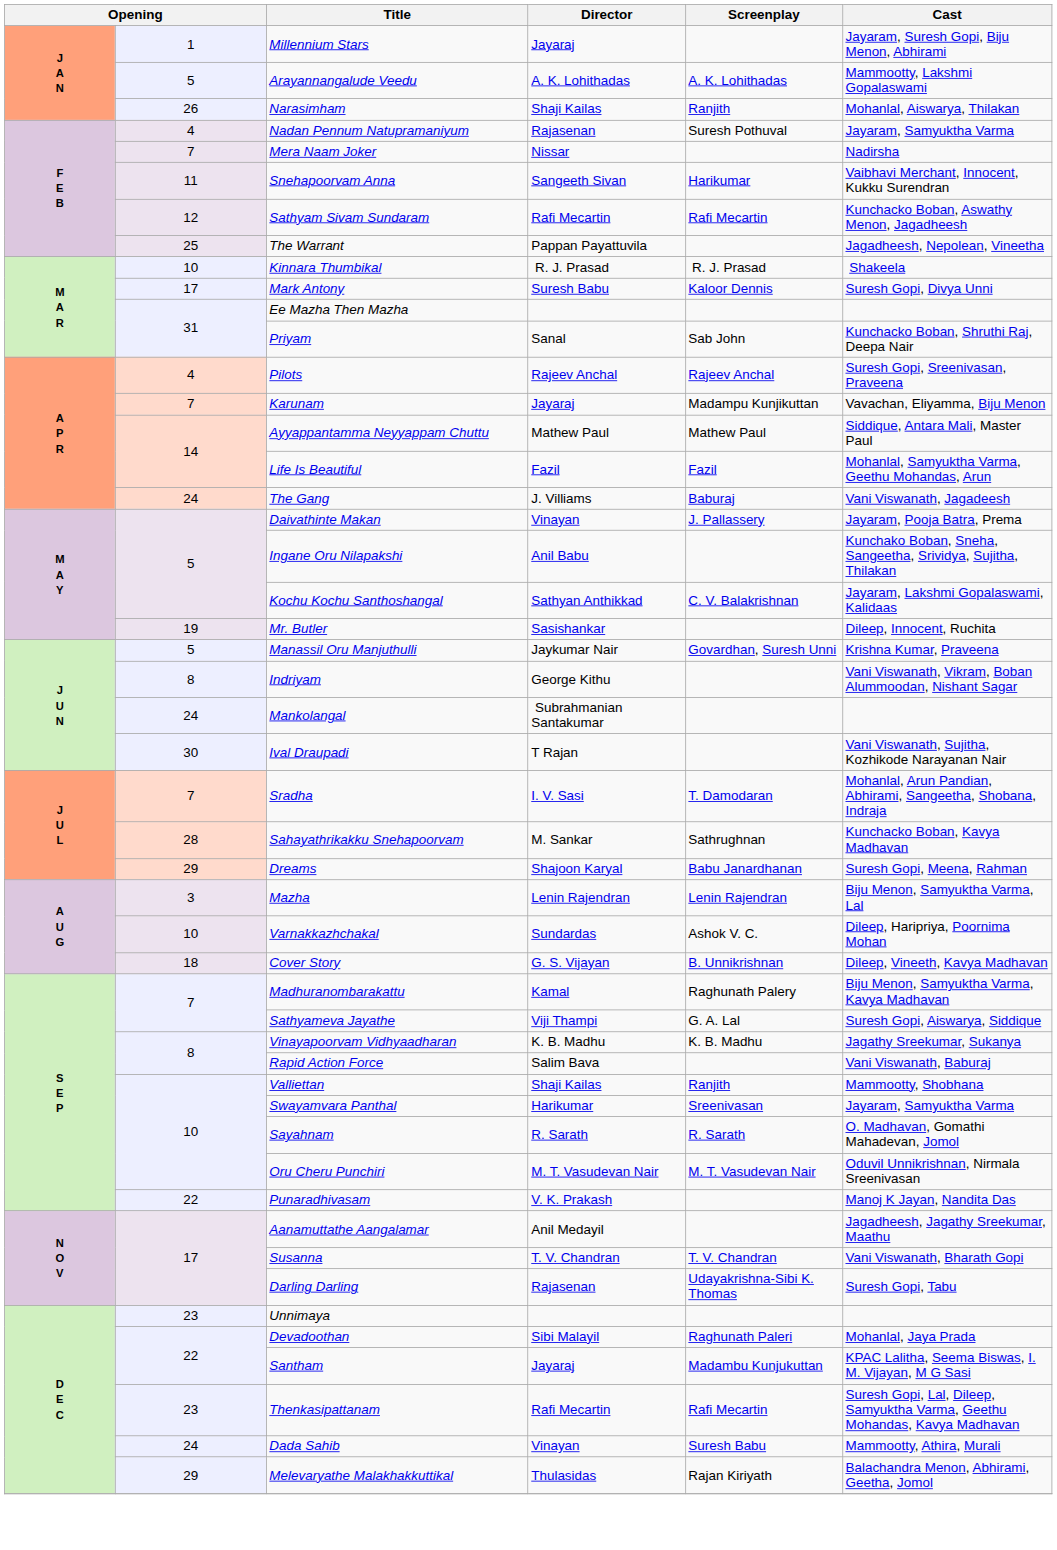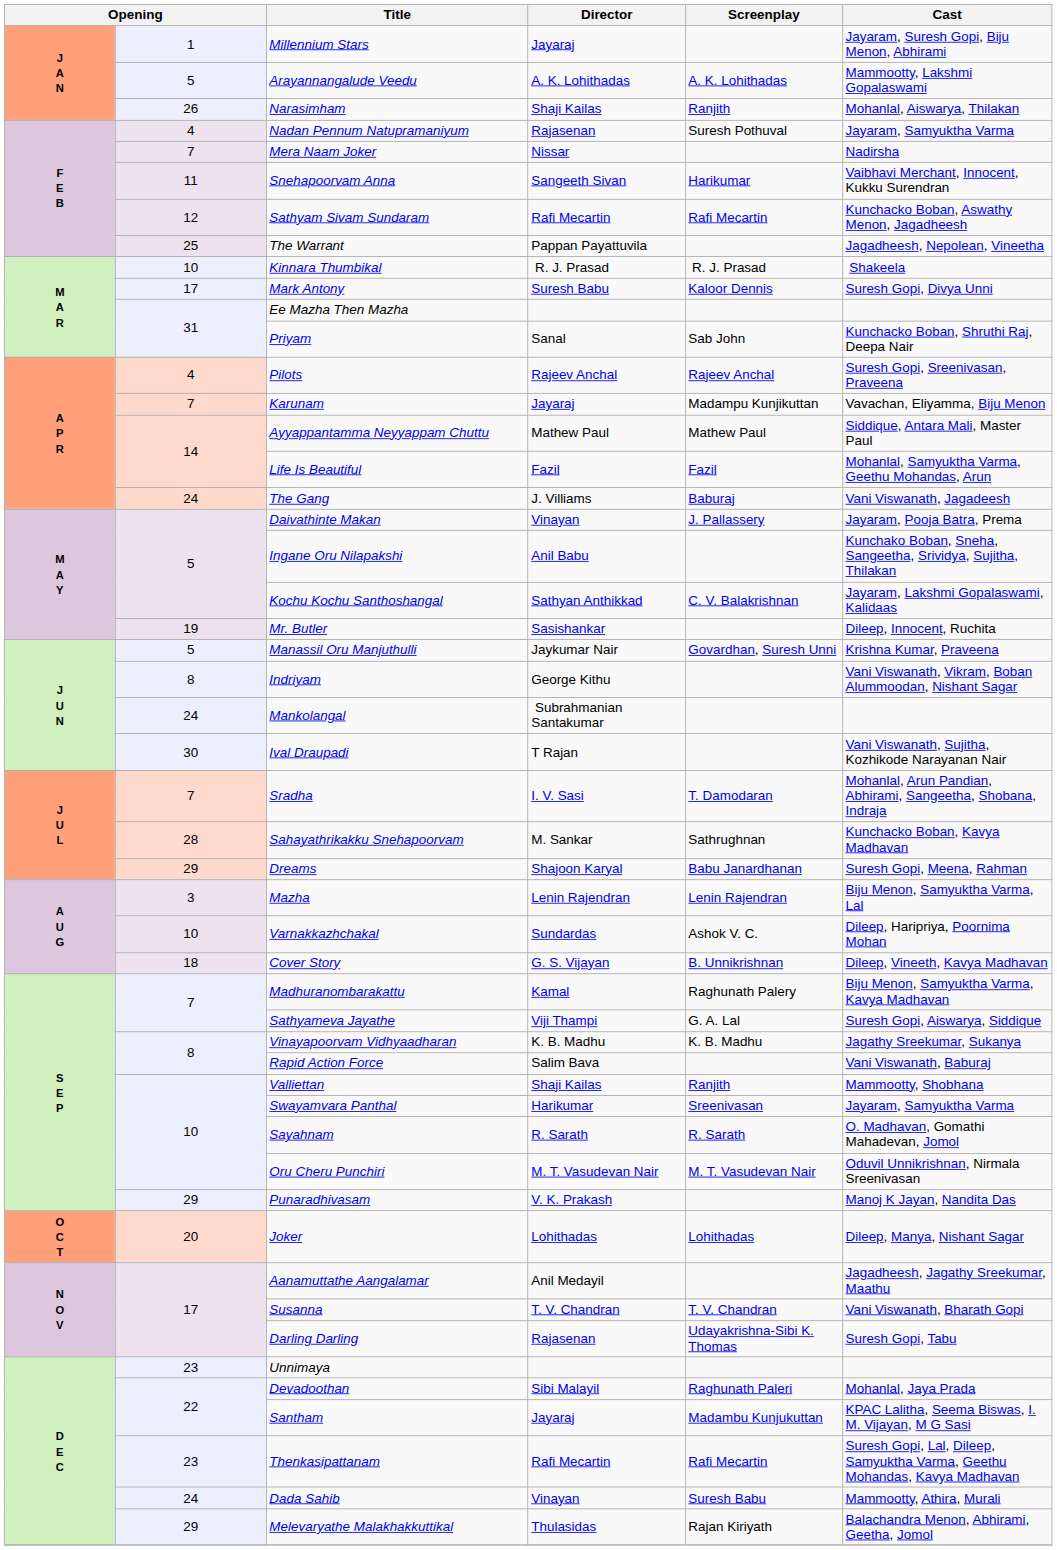 <table class="sortable wikitable">
 <tr>
 <th style="width:25%;" colspan='2'>Opening</th>
 <th style="width:25%;">Title</th>
 <th style="width:15%;">Director</th>
 <th style="width:15%;">Screenplay</th>
 <th style="width:29%;">Cast</th>
 </tr>
 <tr>
 <td rowspan="3" style="text-align:center; background:#ffa07a; textcolor:#000;"><small><strong>J<br>A<br>N</strong></small></td>
 <td rowspan="1" style="text-align:center; background:#edefff; textcolor:#000;">1</td>
 <td><em><a href='#'>Millennium Stars</a></em></td>
 <td><a href='#'>Jayaraj</a></td>
 <td> </td>
 <td><a href='#'>Jayaram</a>, <a href='#'>Suresh Gopi</a>, <a href='#'>Biju Menon</a>, <a href='#'>Abhirami</a></td>
 </tr>
 <tr>
 <td rowspan="1" style="text-align:center; background:#edefff; textcolor:#000;">5</td>
 <td><em><a href='#'>Arayannangalude Veedu</a></em></td>
 <td><a href='#'>A. K. Lohithadas</a></td>
 <td><a href='#'>A. K. Lohithadas</a></td>
 <td><a href='#'>Mammootty</a>, <a href='#'>Lakshmi Gopalaswami</a></td>
 </tr>
 <tr>
 <td rowspan="1" style="text-align:center; background:#edefff; textcolor:#000;">26</td>
 <td><em><a href='#'>Narasimham</a></em></td>
 <td><a href='#'>Shaji Kailas</a></td>
 <td><a href='#'>Ranjith</a></td>
 <td><a href='#'>Mohanlal</a>, <a href='#'>Aiswarya</a>, <a href='#'>Thilakan</a></td>
 </tr>
 <tr>
 <td rowspan="5" style="text-align:center; background:#dcc7df; textcolor:#000;"><small><strong>F<br>E<br>B</strong></small></td>
 <td rowspan="1" style="text-align:center; background:#ede3ef; textcolor:#000;">4</td>
 <td><em><a href='#'>Nadan Pennum Natupramaniyum</a></em></td>
 <td><a href='#'>Rajasenan</a></td>
 <td>Suresh Pothuval</td>
 <td><a href='#'>Jayaram</a>, <a href='#'>Samyuktha Varma</a></td>
 </tr>
 <tr>
 <td rowspan="1" style="text-align:center; background:#ede3ef; textcolor:#000;">7</td>
 <td><em><a href='#'>Mera Naam Joker</a></em></td>
 <td><a href='#'>Nissar</a></td>
 <td> </td>
 <td><a href='#'>Nadirsha</a></td>
 </tr>
 <tr>
 <td rowspan="1" style="text-align:center; background:#ede3ef; textcolor:#000;">11</td>
 <td><em><a href='#'>Snehapoorvam Anna</a></em></td>
 <td><a href='#'>Sangeeth Sivan</a></td>
 <td><a href='#'>Harikumar</a></td>
 <td><a href='#'>Vaibhavi Merchant</a>, <a href='#'>Innocent</a>, Kukku Surendran</td>
 </tr>
 <tr>
 <td rowspan="1" style="text-align:center; background:#ede3ef; textcolor:#000;">12</td>
 <td><em><a href='#'>Sathyam Sivam Sundaram</a></em></td>
 <td><a href='#'>Rafi Mecartin</a></td>
 <td><a href='#'>Rafi Mecartin</a></td>
 <td><a href='#'>Kunchacko Boban</a>, <a href='#'>Aswathy Menon</a>, <a href='#'>Jagadheesh</a></td>
 </tr>
 <tr>
 <td rowspan="1" style="text-align:center; background:#ede3ef; textcolor:#000;">25</td>
 <td><em>The Warrant</em></td>
 <td>Pappan Payattuvila</td>
 <td></td>
 <td><a href='#'>Jagadheesh</a>, <a href='#'>Nepolean</a>, <a href='#'>Vineetha</a></td>
 </tr>
 <tr>
 <td rowspan="4" style="text-align:center; background:#d0f0c0; textcolor:#000;"><small><strong>M<br>A<br>R</strong></small></td>
 <td rowspan="1" style="text-align:center; background:#edefff; textcolor:#000;">10</td>
 <td><em><a href='#'>Kinnara Thumbikal</a></em></td>
 <td> R. J. Prasad</td>
 <td> R. J. Prasad</td>
 <td> <a href='#'>Shakeela</a></td>
 </tr>
 <tr>
 <td rowspan="1" style="text-align:center; background:#edefff; textcolor:#000;">17</td>
 <td><em><a href='#'>Mark Antony</a></em></td>
 <td><a href='#'>Suresh Babu</a></td>
 <td><a href='#'>Kaloor Dennis</a></td>
 <td><a href='#'>Suresh Gopi</a>, <a href='#'>Divya Unni</a></td>
 </tr>
 <tr>
 <td rowspan="2" style="text-align:center; background:#edefff; textcolor:#000;">31</td>
 <td><em>Ee Mazha Then Mazha</em></td>
 <td></td>
 <td></td>
 <td></td>
 </tr>
 <tr>
 <td><em><a href='#'>Priyam</a></em></td>
 <td>Sanal</td>
 <td>Sab John</td>
 <td><a href='#'>Kunchacko Boban</a>, <a href='#'>Shruthi Raj</a>, Deepa Nair</td>
 </tr>
 <tr>
 <td rowspan="5" style="text-align:center; background:#ffa07a; textcolor:#000;"><small><strong>A<br>P<br>R</strong></small></td>
 <td rowspan="1" style="text-align:center; background:#ffdacc; textcolor:#000;">4</td>
 <td><em><a href='#'>Pilots</a></em></td>
 <td><a href='#'>Rajeev Anchal</a></td>
 <td><a href='#'>Rajeev Anchal</a></td>
 <td><a href='#'>Suresh Gopi</a>, <a href='#'>Sreenivasan</a>, <a href='#'>Praveena</a></td>
 </tr>
 <tr>
 <td rowspan="1" style="text-align:center; background:#ffdacc; textcolor:#000;">7</td>
 <td><em><a href='#'>Karunam</a></em></td>
 <td><a href='#'>Jayaraj</a></td>
 <td>Madampu Kunjikuttan</td>
 <td>Vavachan, Eliyamma, <a href='#'>Biju Menon</a></td>
 </tr>
 <tr>
 <td rowspan="2" style="text-align:center; background:#ffdacc; textcolor:#000;">14</td>
 <td><em><a href='#'>Ayyappantamma Neyyappam Chuttu</a></em></td>
 <td>Mathew Paul</td>
 <td>Mathew Paul</td>
 <td><a href='#'>Siddique</a>, <a href='#'>Antara Mali</a>, Master Paul</td>
 </tr>
 <tr>
 <td><em><a href='#'>Life Is Beautiful</a></em></td>
 <td><a href='#'>Fazil</a></td>
 <td><a href='#'>Fazil</a></td>
 <td><a href='#'>Mohanlal</a>, <a href='#'>Samyuktha Varma</a>, <a href='#'>Geethu Mohandas</a>, <a href='#'>Arun</a></td>
 </tr>
 <tr>
 <td rowspan="1" style="text-align:center; background:#ffdacc; textcolor:#000;">24</td>
 <td><em><a href='#'>The Gang</a></em></td>
 <td>J. Villiams</td>
 <td><a href='#'>Baburaj</a></td>
 <td><a href='#'>Vani Viswanath</a>, <a href='#'>Jagadeesh</a></td>
 </tr>
 <tr>
 <td rowspan="4" style="text-align:center; background:#dcc7df; textcolor:#000;"><small><strong>M<br>A<br>Y</strong></small></td>
 <td rowspan="3" style="text-align:center; background:#ede3ef; textcolor:#000;">5</td>
 <td><em><a href='#'>Daivathinte Makan</a></em></td>
 <td><a href='#'>Vinayan</a></td>
 <td><a href='#'>J. Pallassery</a></td>
 <td><a href='#'>Jayaram</a>, <a href='#'>Pooja Batra</a>, Prema</td>
 </tr>
 <tr>
 <td><em><a href='#'>Ingane Oru Nilapakshi</a></em></td>
 <td><a href='#'>Anil Babu</a></td>
 <td></td>
 <td><a href='#'>Kunchako Boban</a>, <a href='#'>Sneha</a>, <a href='#'>Sangeetha</a>, <a href='#'>Srividya</a>, <a href='#'>Sujitha</a>, <a href='#'>Thilakan</a></td>
 </tr>
 <tr>
 <td><em><a href='#'>Kochu Kochu Santhoshangal</a></em></td>
 <td><a href='#'>Sathyan Anthikkad</a></td>
 <td><a href='#'>C. V. Balakrishnan</a></td>
 <td><a href='#'>Jayaram</a>, <a href='#'>Lakshmi Gopalaswami</a>, <a href='#'>Kalidaas</a></td>
 </tr>
 <tr>
 <td rowspan="1" style="text-align:center; background:#ede3ef; textcolor:#000;">19</td>
 <td><em><a href='#'>Mr. Butler</a></em></td>
 <td><a href='#'>Sasishankar</a></td>
 <td> </td>
 <td><a href='#'>Dileep</a>, <a href='#'>Innocent</a>, Ruchita</td>
 </tr>
 <tr>
 <td rowspan="4" style="text-align:center; background:#d0f0c0; textcolor:#000;"><small><strong>J<br>U<br>N</strong></small></td>
 <td rowspan="1" style="text-align:center; background:#edefff; textcolor:#000;">5</td>
 <td><em><a href='#'>Manassil Oru Manjuthulli</a></em></td>
 <td>Jaykumar Nair</td>
 <td><a href='#'>Govardhan</a>, <a href='#'>Suresh Unni</a></td>
 <td><a href='#'>Krishna Kumar</a>, <a href='#'>Praveena</a></td>
 </tr>
 <tr>
 <td rowspan="1" style="text-align:center; background:#edefff; textcolor:#000;">8</td>
 <td><em><a href='#'>Indriyam</a></em></td>
 <td>George Kithu</td>
 <td></td>
 <td><a href='#'>Vani Viswanath</a>, <a href='#'>Vikram</a>, <a href='#'>Boban Alummoodan</a>, <a href='#'>Nishant Sagar</a></td>
 </tr>
 <tr>
 <td rowspan="1" style="text-align:center; background:#edefff; textcolor:#000;">24</td>
 <td><em><a href='#'>Mankolangal</a></em></td>
 <td> Subrahmanian Santakumar</td>
 <td></td>
 <td></td>
 </tr>
 <tr>
 <td rowspan="1" style="text-align:center; background:#edefff; textcolor:#000;">30</td>
 <td><em><a href='#'>Ival Draupadi</a></em></td>
 <td>T Rajan</td>
 <td></td>
 <td><a href='#'>Vani Viswanath</a>, <a href='#'>Sujitha</a>, Kozhikode Narayanan Nair</td>
 </tr>
 <tr>
 <td rowspan="3" style="text-align:center; background:#ffa07a; textcolor:#000;"><small><strong>J<br>U<br>L</strong></small></td>
 <td rowspan="1" style="text-align:center; background:#ffdacc; textcolor:#000;">7</td>
 <td><em><a href='#'>Sradha</a></em></td>
 <td><a href='#'>I. V. Sasi</a></td>
 <td><a href='#'>T. Damodaran</a></td>
 <td><a href='#'>Mohanlal</a>, <a href='#'>Arun Pandian</a>, <a href='#'>Abhirami</a>, <a href='#'>Sangeetha</a>, <a href='#'>Shobana</a>, <a href='#'>Indraja</a></td>
 </tr>
 <tr>
 <td rowspan="1" style="text-align:center; background:#ffdacc; textcolor:#000;">28</td>
 <td><em><a href='#'>Sahayathrikakku Snehapoorvam</a></em></td>
 <td>M. Sankar</td>
 <td>Sathrughnan</td>
 <td><a href='#'>Kunchacko Boban</a>, <a href='#'>Kavya Madhavan</a></td>
 </tr>
 <tr>
 <td rowspan="1" style="text-align:center; background:#ffdacc; textcolor:#000;">29</td>
 <td><em><a href='#'>Dreams</a></em></td>
 <td><a href='#'>Shajoon Karyal</a></td>
 <td><a href='#'>Babu Janardhanan</a></td>
 <td><a href='#'>Suresh Gopi</a>, <a href='#'>Meena</a>, <a href='#'>Rahman</a></td>
 </tr>
 <tr>
 <td rowspan="3" style="text-align:center; background:#dcc7df; textcolor:#000;"><small><strong>A<br>U<br>G</strong></small></td>
 <td rowspan="1" style="text-align:center; background:#ede3ef; textcolor:#000;">3</td>
 <td><em><a href='#'>Mazha</a></em></td>
 <td><a href='#'>Lenin Rajendran</a></td>
 <td><a href='#'>Lenin Rajendran</a></td>
 <td><a href='#'>Biju Menon</a>, <a href='#'>Samyuktha Varma</a>, <a href='#'>Lal</a></td>
 </tr>
 <tr>
 <td rowspan="1" style="text-align:center; background:#ede3ef; textcolor:#000;">10</td>
 <td><em><a href='#'>Varnakkazhchakal</a></em></td>
 <td><a href='#'>Sundardas</a></td>
 <td>Ashok V. C.</td>
 <td><a href='#'>Dileep</a>, Haripriya, <a href='#'>Poornima Mohan</a></td>
 </tr>
 <tr>
 <td rowspan="1" style="text-align:center; background:#ede3ef; textcolor:#000;">18</td>
 <td><em><a href='#'>Cover Story</a></em></td>
 <td><a href='#'>G. S. Vijayan</a></td>
 <td><a href='#'>B. Unnikrishnan</a></td>
 <td><a href='#'>Dileep</a>, <a href='#'>Vineeth</a>, <a href='#'>Kavya Madhavan</a></td>
 </tr>
 <tr>
 <td rowspan="9" style="text-align:center; background:#d0f0c0; textcolor:#000;"><small><strong>S<br>E<br>P</strong></small></td>
 <td rowspan="2" style="text-align:center; background:#edefff; textcolor:#000;">7</td>
 <td><em><a href='#'>Madhuranombarakattu</a></em></td>
 <td><a href='#'>Kamal</a></td>
 <td>Raghunath Palery</td>
 <td><a href='#'>Biju Menon</a>, <a href='#'>Samyuktha Varma</a>, <a href='#'>Kavya Madhavan</a></td>
 </tr>
 <tr>
 <td><em><a href='#'>Sathyameva Jayathe</a></em></td>
 <td><a href='#'>Viji Thampi</a></td>
 <td>G. A. Lal</td>
 <td><a href='#'>Suresh Gopi</a>, <a href='#'>Aiswarya</a>, <a href='#'>Siddique</a></td>
 </tr>
 <tr>
 <td rowspan="2" style="text-align:center; background:#edefff; textcolor:#000;">8</td>
 <td><em><a href='#'>Vinayapoorvam Vidhyaadharan</a></em></td>
 <td>K. B. Madhu</td>
 <td>K. B. Madhu</td>
 <td><a href='#'>Jagathy Sreekumar</a>, <a href='#'>Sukanya</a></td>
 </tr>
 <tr>
 <td><a href='#'><em>Rapid Action Force</em></a></td>
 <td>Salim Bava</td>
 <td></td>
 <td><a href='#'>Vani Viswanath</a>, <a href='#'>Baburaj</a></td>
 </tr>
 <tr>
 <td rowspan="4" style="text-align:center; background:#edefff; textcolor:#000;">10</td>
 <td><em><a href='#'>Valliettan</a></em></td>
 <td><a href='#'>Shaji Kailas</a></td>
 <td><a href='#'>Ranjith</a></td>
 <td><a href='#'>Mammootty</a>, <a href='#'>Shobhana</a></td>
 </tr>
 <tr>
 <td><em><a href='#'>Swayamvara Panthal</a></em></td>
 <td><a href='#'>Harikumar</a></td>
 <td><a href='#'>Sreenivasan</a></td>
 <td><a href='#'>Jayaram</a>, <a href='#'>Samyuktha Varma</a></td>
 </tr>
 <tr>
 <td><em><a href='#'>Sayahnam</a></em></td>
 <td><a href='#'>R. Sarath</a></td>
 <td><a href='#'>R. Sarath</a></td>
 <td><a href='#'>O. Madhavan</a>, Gomathi Mahadevan, <a href='#'>Jomol</a></td>
 </tr>
 <tr>
 <td><em><a href='#'>Oru Cheru Punchiri</a></em></td>
 <td><a href='#'>M. T. Vasudevan Nair</a></td>
 <td><a href='#'>M. T. Vasudevan Nair</a></td>
 <td><a href='#'>Oduvil Unnikrishnan</a>, Nirmala Sreenivasan</td>
 </tr>
 <tr>
-<td rowspan="1" style="text-align:center; background:#edefff; textcolor:#000;">22</td>
+<td rowspan="1" style="text-align:center; background:#edefff; textcolor:#000;">29</td>
 <td><em><a href='#'>Punaradhivasam</a></em></td>
 <td><a href='#'>V. K. Prakash</a></td>
 <td></td>
 <td><a href='#'>Manoj K Jayan</a>, <a href='#'>Nandita Das</a></td>
+</tr>
+<tr>
+<td rowspan="q" style="text-align:center; background:#ffa07a; textcolor:#000;"><small><strong>O<br>C<br>T</strong></small></td>
+<td rowspan="1" style="text-align:center; background:#ffdacc; textcolor:#000;">20</td>
+<td><em><a href='#'>Joker</a></em></td>
+<td><a href='#'>Lohithadas</a></td>
+<td><a href='#'>Lohithadas</a></td>
+<td><a href='#'>Dileep</a>, <a href='#'>Manya</a>, <a href='#'>Nishant Sagar</a></td>
 </tr>
 <tr>
 <td rowspan="3" style="text-align:center; background:#dcc7df; textcolor:#000;"><small><strong>N<br>O<br>V</strong></small></td>
 <td rowspan="3" style="text-align:center; background:#ede3ef; textcolor:#000;">17</td>
 <td><em><a href='#'>Aanamuttathe Aangalamar</a></em></td>
 <td>Anil Medayil</td>
 <td></td>
 <td><a href='#'>Jagadheesh</a>, <a href='#'>Jagathy Sreekumar</a>, <a href='#'>Maathu</a></td>
 </tr>
 <tr>
 <td><em><a href='#'>Susanna</a></em></td>
 <td><a href='#'>T. V. Chandran</a></td>
 <td><a href='#'>T. V. Chandran</a></td>
 <td><a href='#'>Vani Viswanath</a>, <a href='#'>Bharath Gopi</a></td>
 </tr>
 <tr>
 <td><em><a href='#'>Darling Darling</a></em></td>
 <td><a href='#'>Rajasenan</a></td>
 <td><a href='#'>Udayakrishna-Sibi K. Thomas</a></td>
 <td><a href='#'>Suresh Gopi</a>, <a href='#'>Tabu</a></td>
 </tr>
 <tr>
 <td rowspan="6" style="text-align:center; background:#d0f0c0; textcolor:#000;"><small><strong>D<br>E<br>C</strong></small></td>
 <td rowspan="1" style="text-align:center; background:#edefff; textcolor:#000;">23</td>
 <td><em>Unnimaya</em></td>
 <td></td>
 <td></td>
 <td></td>
 </tr>
 <tr>
 <td rowspan="2" style="text-align:center; background:#edefff; textcolor:#000;">22</td>
 <td><em><a href='#'>Devadoothan</a></em></td>
 <td><a href='#'>Sibi Malayil</a></td>
 <td><a href='#'>Raghunath Paleri</a></td>
 <td><a href='#'>Mohanlal</a>, <a href='#'>Jaya Prada</a></td>
 </tr>
 <tr>
 <td><em><a href='#'>Santham</a></em></td>
 <td><a href='#'>Jayaraj</a></td>
 <td><a href='#'>Madambu Kunjukuttan</a></td>
 <td><a href='#'>KPAC Lalitha</a>, <a href='#'>Seema Biswas</a>, <a href='#'>I. M. Vijayan</a>, <a href='#'>M G Sasi</a></td>
 </tr>
 <tr>
 <td rowspan="1" style="text-align:center; background:#edefff; textcolor:#000;">23</td>
 <td><em><a href='#'>Thenkasipattanam</a></em></td>
 <td><a href='#'>Rafi Mecartin</a></td>
 <td><a href='#'>Rafi Mecartin</a></td>
 <td><a href='#'>Suresh Gopi</a>, <a href='#'>Lal</a>, <a href='#'>Dileep</a>, <a href='#'>Samyuktha Varma</a>, <a href='#'>Geethu Mohandas</a>, <a href='#'>Kavya Madhavan</a></td>
 </tr>
 <tr>
 <td rowspan="1" style="text-align:center; background:#edefff; textcolor:#000;">24</td>
 <td><em><a href='#'>Dada Sahib</a></em></td>
 <td><a href='#'>Vinayan</a></td>
 <td><a href='#'>Suresh Babu</a></td>
 <td><a href='#'>Mammootty</a>, <a href='#'>Athira</a>, <a href='#'>Murali</a></td>
 </tr>
 <tr>
 <td rowspan="1" style="text-align:center; background:#edefff; textcolor:#000;">29</td>
 <td><em><a href='#'>Melevaryathe Malakhakkuttikal</a></em></td>
 <td><a href='#'>Thulasidas</a></td>
 <td>Rajan Kiriyath</td>
 <td><a href='#'>Balachandra Menon</a>, <a href='#'>Abhirami</a>, <a href='#'>Geetha</a>, <a href='#'>Jomol</a></td>
 </tr>
 <tr valign="top">
 </tr>
 </table>
